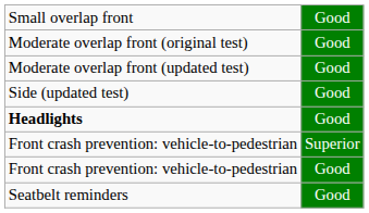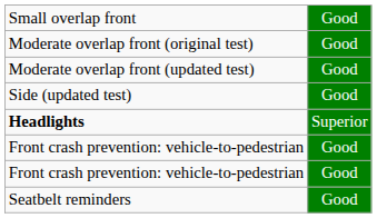 <table class="wikitable">
 <tr>
 <td>Small overlap front</td>
 <td style="text-align:center;color:white;background:green">Good</td>
 </tr>
 <tr>
 <td>Moderate overlap front (original test)</td>
 <td style="text-align:center;color:white;background:green">Good</td>
 </tr>
 <tr>
 <td>Moderate overlap front (updated test)</td>
 <td style="text-align:center;color:white;background:green">Good</td>
 </tr>
 <tr>
 <td>Side (updated test)</td>
 <td style="text-align:center;color:white;background:green">Good</td>
 </tr>
 <tr>
 <td><strong>Headlights</strong></td>
-<td style="text-align:center;color:white;background:green">Good</td>
+<td style="text-align:center;color:white;background:green">Superior</td>
 </tr>
 <tr>
 <td>Front crash prevention: vehicle-to-pedestrian</td>
-<td style="text-align:center;color:white;background:green">Superior</td>
+<td style="text-align:center;color:white;background:green">Good</td>
 </tr>
 <tr>
 <td>Front crash prevention: vehicle-to-pedestrian</td>
 <td style="text-align:center;color:white;background:green">Good</td>
 </tr>
 <tr>
 <td>Seatbelt reminders</td>
 <td style="text-align:center;color:white;background:green">Good</td>
 </tr>
 </table>
